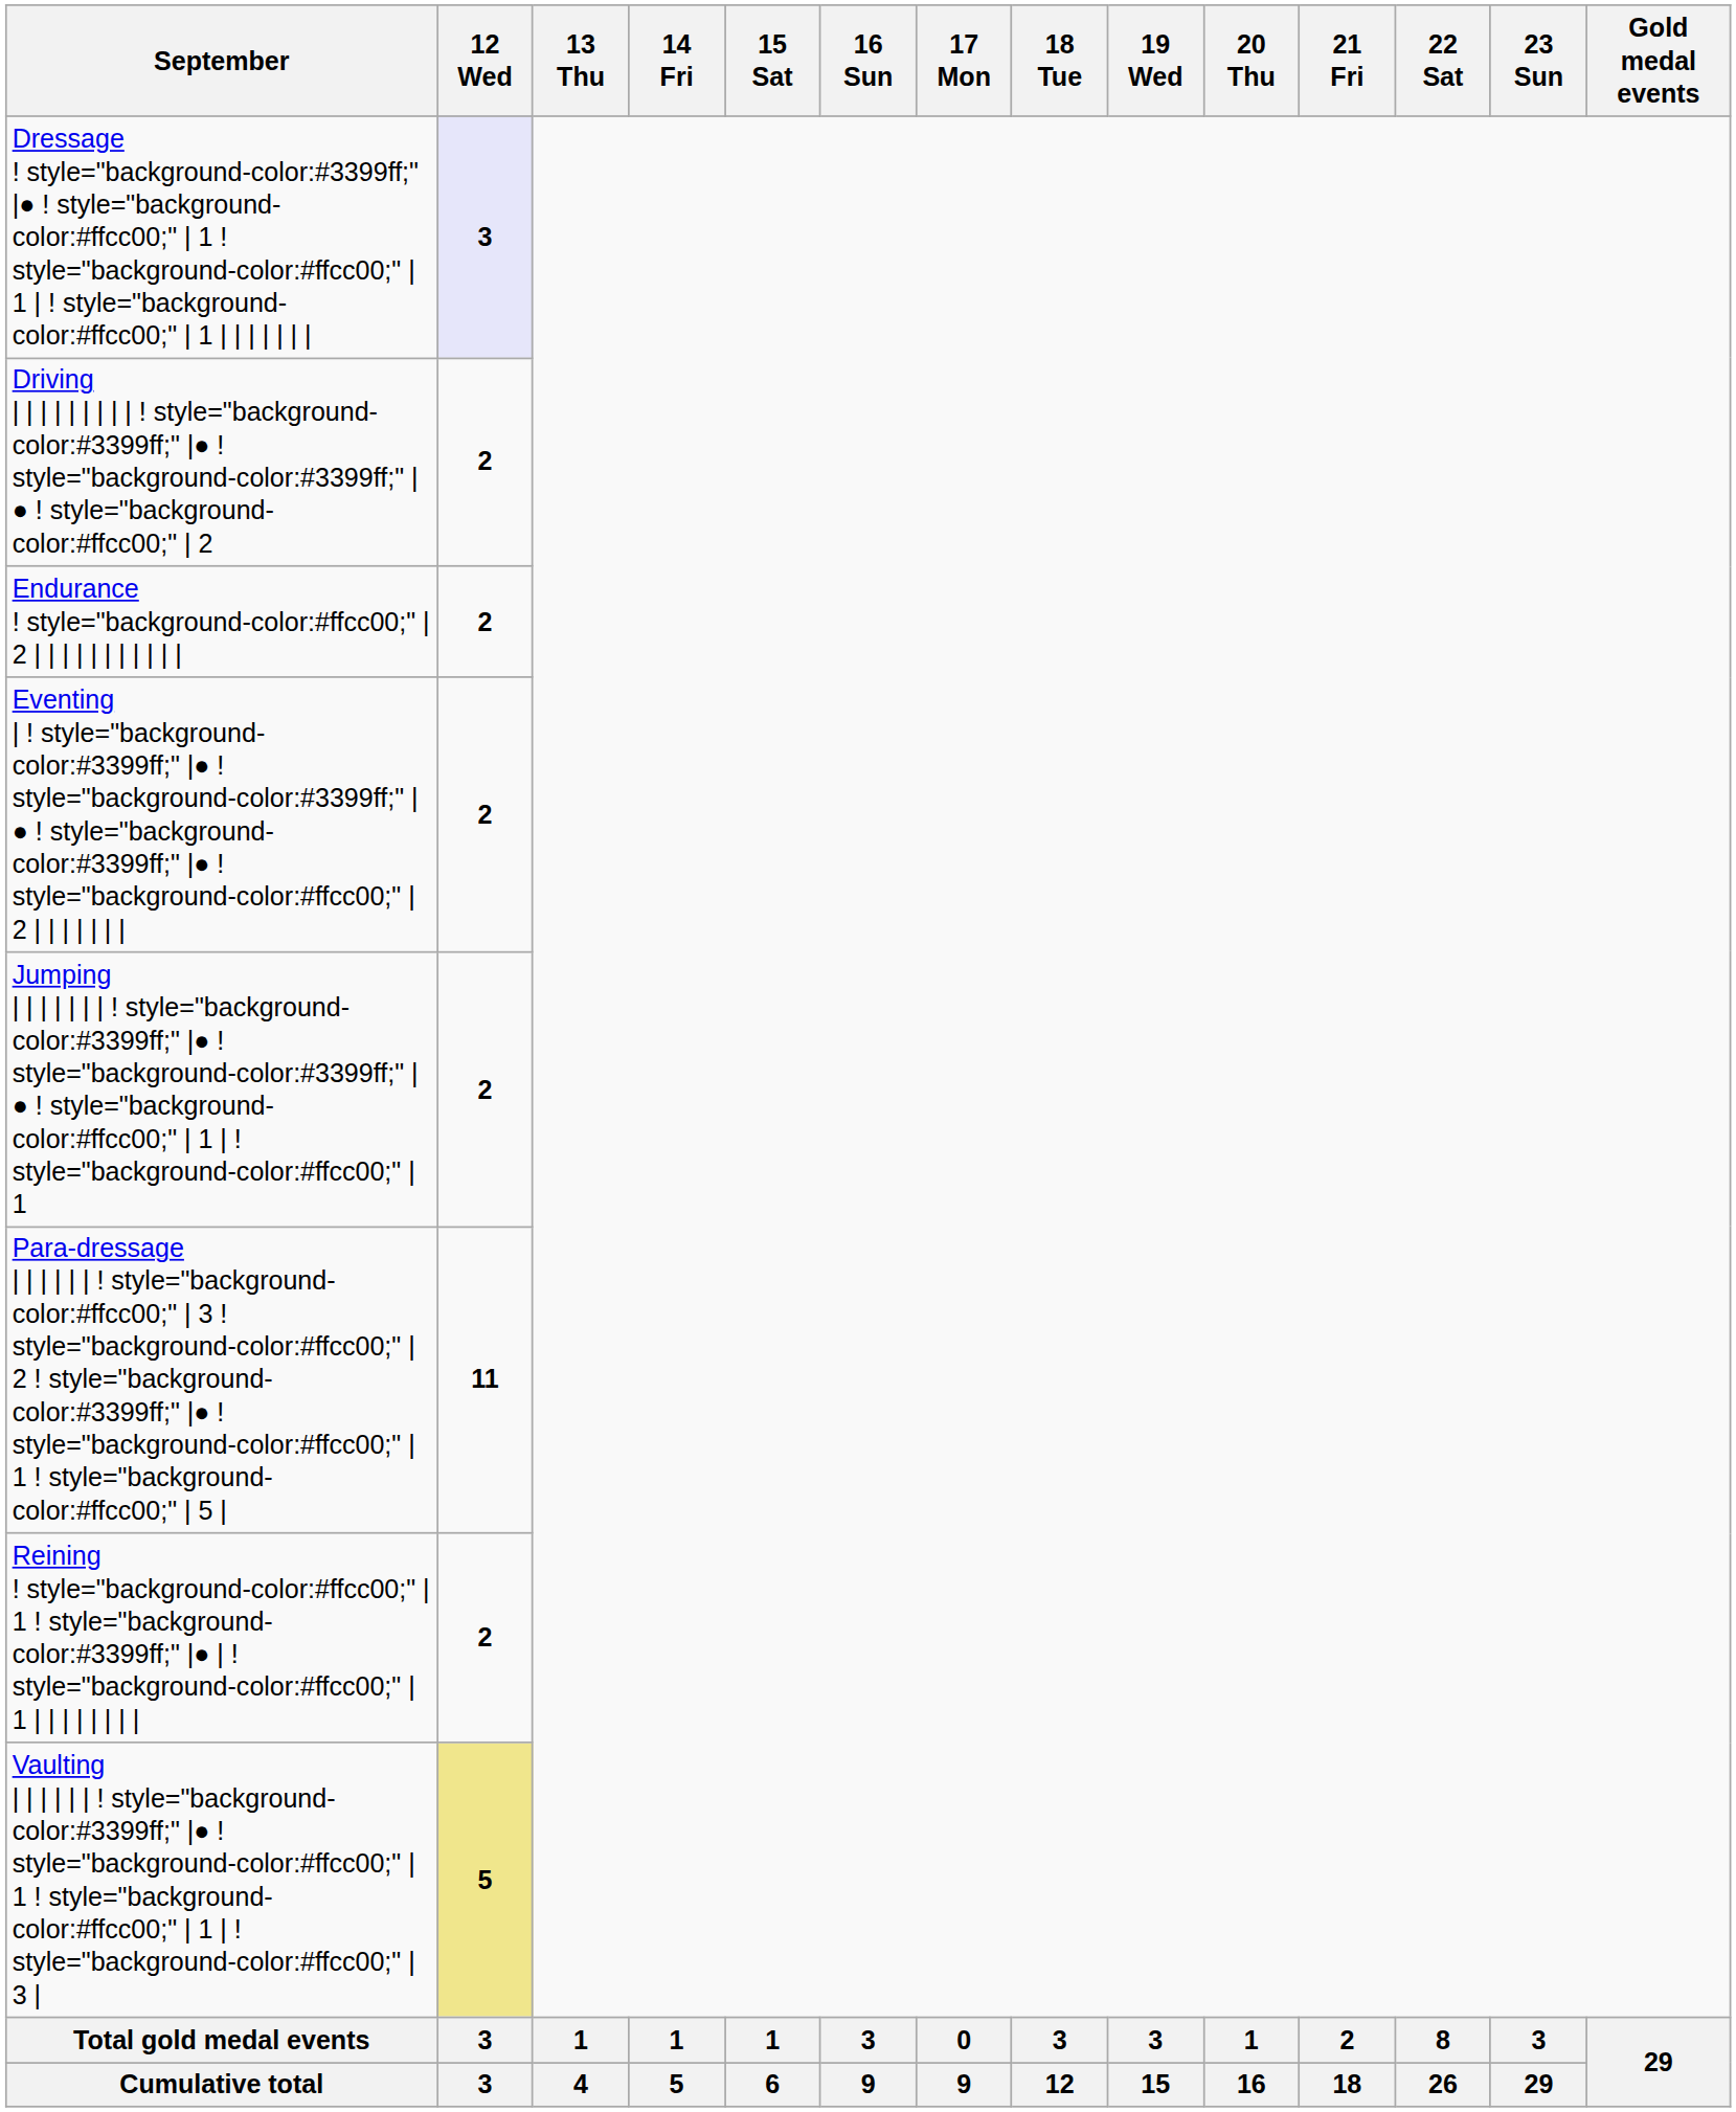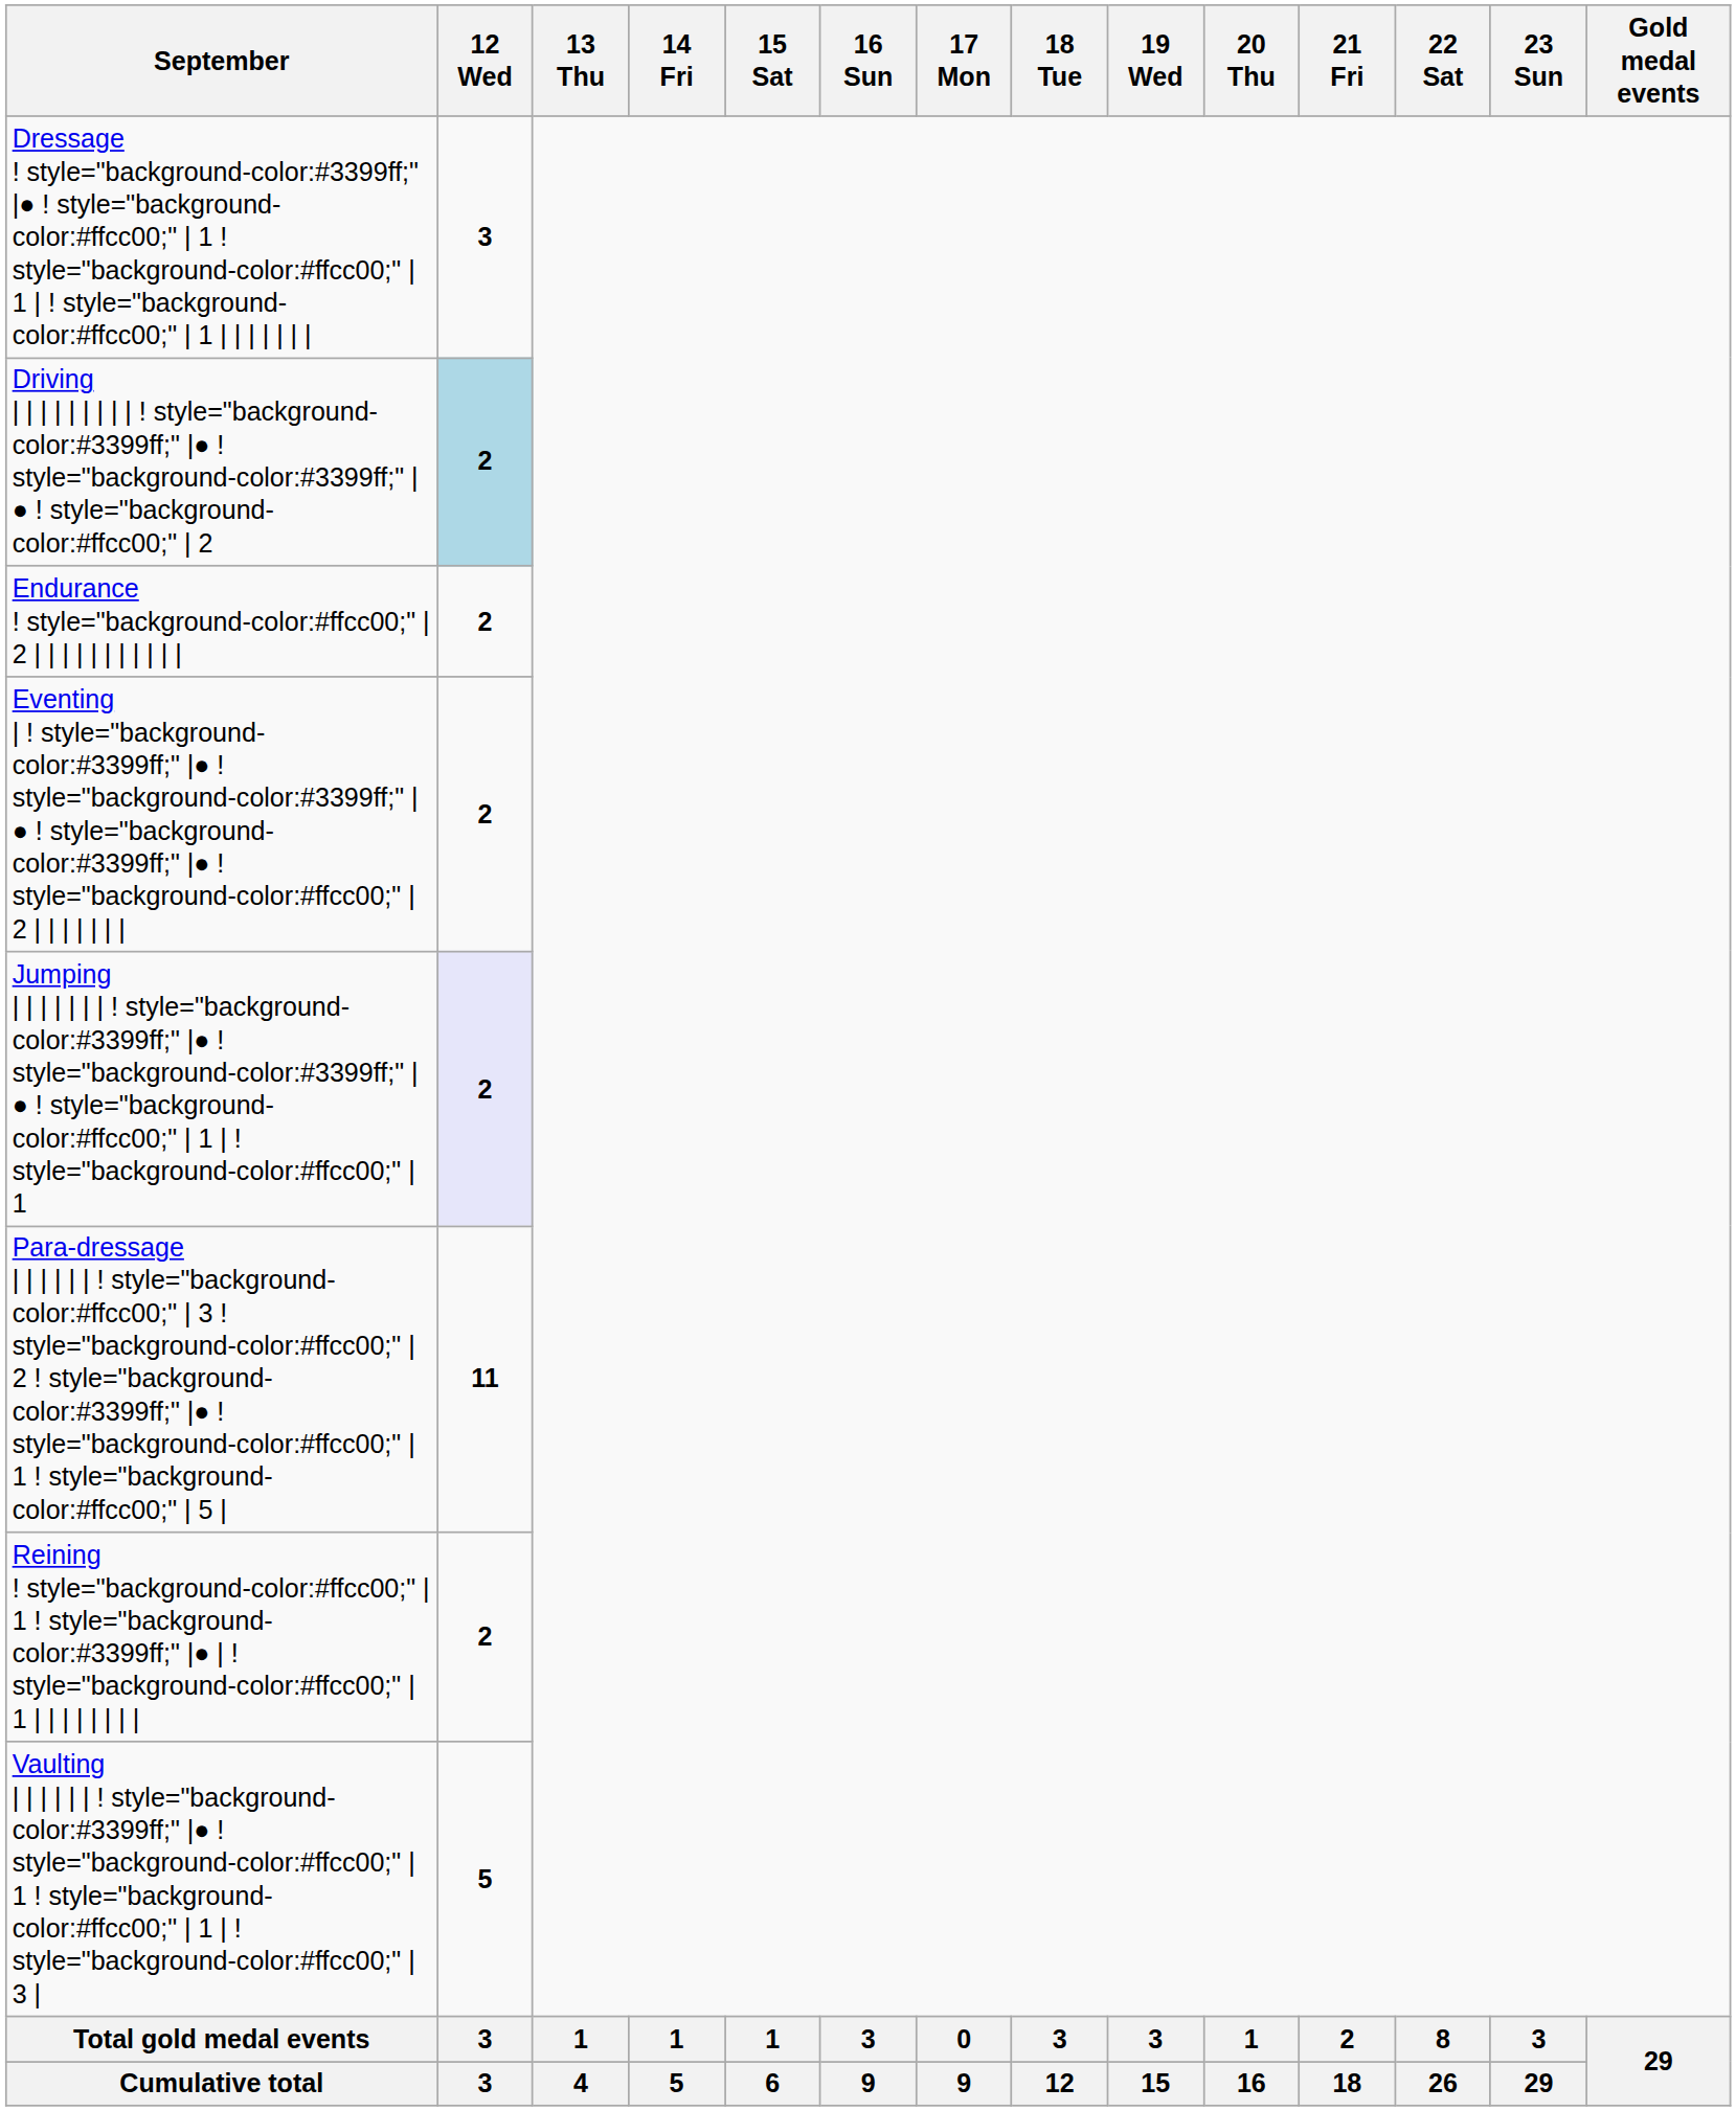 <table class=wikitable style="margin:0.5em auto; font-size:90%; line-height:1.25em;width:75%;">
 <tr>
 <th style=width:18%;>September</th>
 <th style=width:4%;>12<br>Wed</th>
 <th style=width:4%;>13<br>Thu</th>
 <th style=width:4%;>14<br>Fri</th>
 <th style=width:4%;>15<br>Sat</th>
 <th style=width:4%;>16<br>Sun</th>
 <th style=width:4%;>17<br>Mon</th>
 <th style=width:4%;>18<br>Tue</th>
 <th style=width:4%;>19<br>Wed</th>
 <th style=width:4%;>20<br>Thu</th>
 <th style=width:4%;>21<br>Fri</th>
 <th style=width:4%;>22<br>Sat</th>
 <th style=width:4%;>23<br>Sun</th>
 <th style=width:6%;>Gold medal events</th>
 </tr>
 <tr style="text-align:center;">
 <td style="text-align:left;"><a href='#'>Dressage</a><br>! style="background-color:#3399ff;" |● ! style="background-color:#ffcc00;" | 1 ! style="background-color:#ffcc00;" | 1 |  ! style="background-color:#ffcc00;" | 1 |  |  |  |  |  |  |</td>
-<td style="background: lavender;"><strong>3</strong></td>
+<td><strong>3</strong></td>
 </tr>
 <tr style="text-align:center;">
 <td style="text-align:left;"><a href='#'>Driving</a><br>| | | |  | |  |  |  |  ! style="background-color:#3399ff;" |●  ! style="background-color:#3399ff;" |● ! style="background-color:#ffcc00;" | 2</td>
-<td><strong>2</strong></td>
+<td style="background: lightblue;"><strong>2</strong></td>
 </tr>
 <tr style="text-align:center;">
 <td style="text-align:left;"><a href='#'>Endurance</a><br>! style="background-color:#ffcc00;" | 2 | | |  | |  |  |  |  | | |</td>
 <td><strong>2</strong></td>
 </tr>
 <tr style="text-align:center;">
 <td style="text-align:left;"><a href='#'>Eventing</a><br>| ! style="background-color:#3399ff;" |● ! style="background-color:#3399ff;" |● ! style="background-color:#3399ff;" |● ! style="background-color:#ffcc00;" | 2 |  |  |  |  |  |  |</td>
 <td><strong>2</strong></td>
 </tr>
 <tr style="text-align:center;">
 <td style="text-align:left;"><a href='#'>Jumping</a><br>| | | |  | |  |  ! style="background-color:#3399ff;" |● ! style="background-color:#3399ff;" |● ! style="background-color:#ffcc00;" | 1 | ! style="background-color:#ffcc00;" | 1</td>
-<td><strong>2</strong></td>
+<td style="background: lavender;"><strong>2</strong></td>
 </tr>
 <tr style="text-align:center;">
 <td style="text-align:left;"><a href='#'>Para-dressage</a><br>| | | |  | |  ! style="background-color:#ffcc00;" | 3 ! style="background-color:#ffcc00;" | 2 ! style="background-color:#3399ff;" |● ! style="background-color:#ffcc00;" | 1 ! style="background-color:#ffcc00;" | 5 |</td>
 <td><strong>11</strong></td>
 </tr>
 <tr style="text-align:center;">
 <td style="text-align:left;"><a href='#'>Reining</a><br>! style="background-color:#ffcc00;" | 1 ! style="background-color:#3399ff;" |● | ! style="background-color:#ffcc00;" | 1 | |  |  |  |  |  |  |</td>
 <td><strong>2</strong></td>
 </tr>
 <tr style="text-align:center;">
 <td style="text-align:left;"><a href='#'>Vaulting</a><br>| | | |  | |  ! style="background-color:#3399ff;" |● ! style="background-color:#ffcc00;" | 1 ! style="background-color:#ffcc00;" | 1 | ! style="background-color:#ffcc00;" | 3 |</td>
-<td style="background: khaki;"><strong>5</strong></td>
+<td><strong>5</strong></td>
 </tr>
 <tr>
 <th>Total gold medal events</th>
 <th>3</th>
 <th>1</th>
 <th>1</th>
 <th>1</th>
 <th>3</th>
 <th>0</th>
 <th>3</th>
 <th>3</th>
 <th>1</th>
 <th>2</th>
 <th>8</th>
 <th>3</th>
 <th rowspan=2>29</th>
 </tr>
 <tr>
 <th>Cumulative total</th>
 <th>3</th>
 <th>4</th>
 <th>5</th>
 <th>6</th>
 <th>9</th>
 <th>9</th>
 <th>12</th>
 <th>15</th>
 <th>16</th>
 <th>18</th>
 <th>26</th>
 <th>29</th>
 </tr>
 </table>
